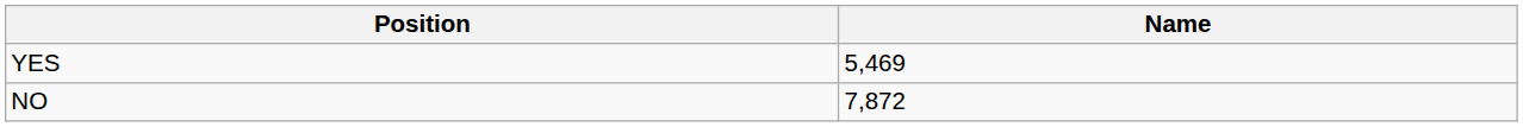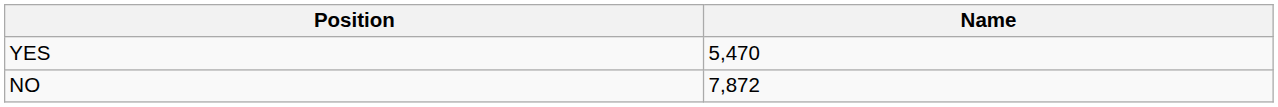 <table class="wikitable" style="width:50%;">
 <tr>
 <th bgcolor="#DDDDFF" width="50px">Position</th>
 <th bgcolor="#DDDDFF" width="50px">Name</th>
 </tr>
 <tr>
 <td>YES</td>
-<td>5,469</td>
+<td>5,470</td>
 </tr>
 <tr>
 <td>NO</td>
 <td>7,872</td>
 </tr>
 </table>
